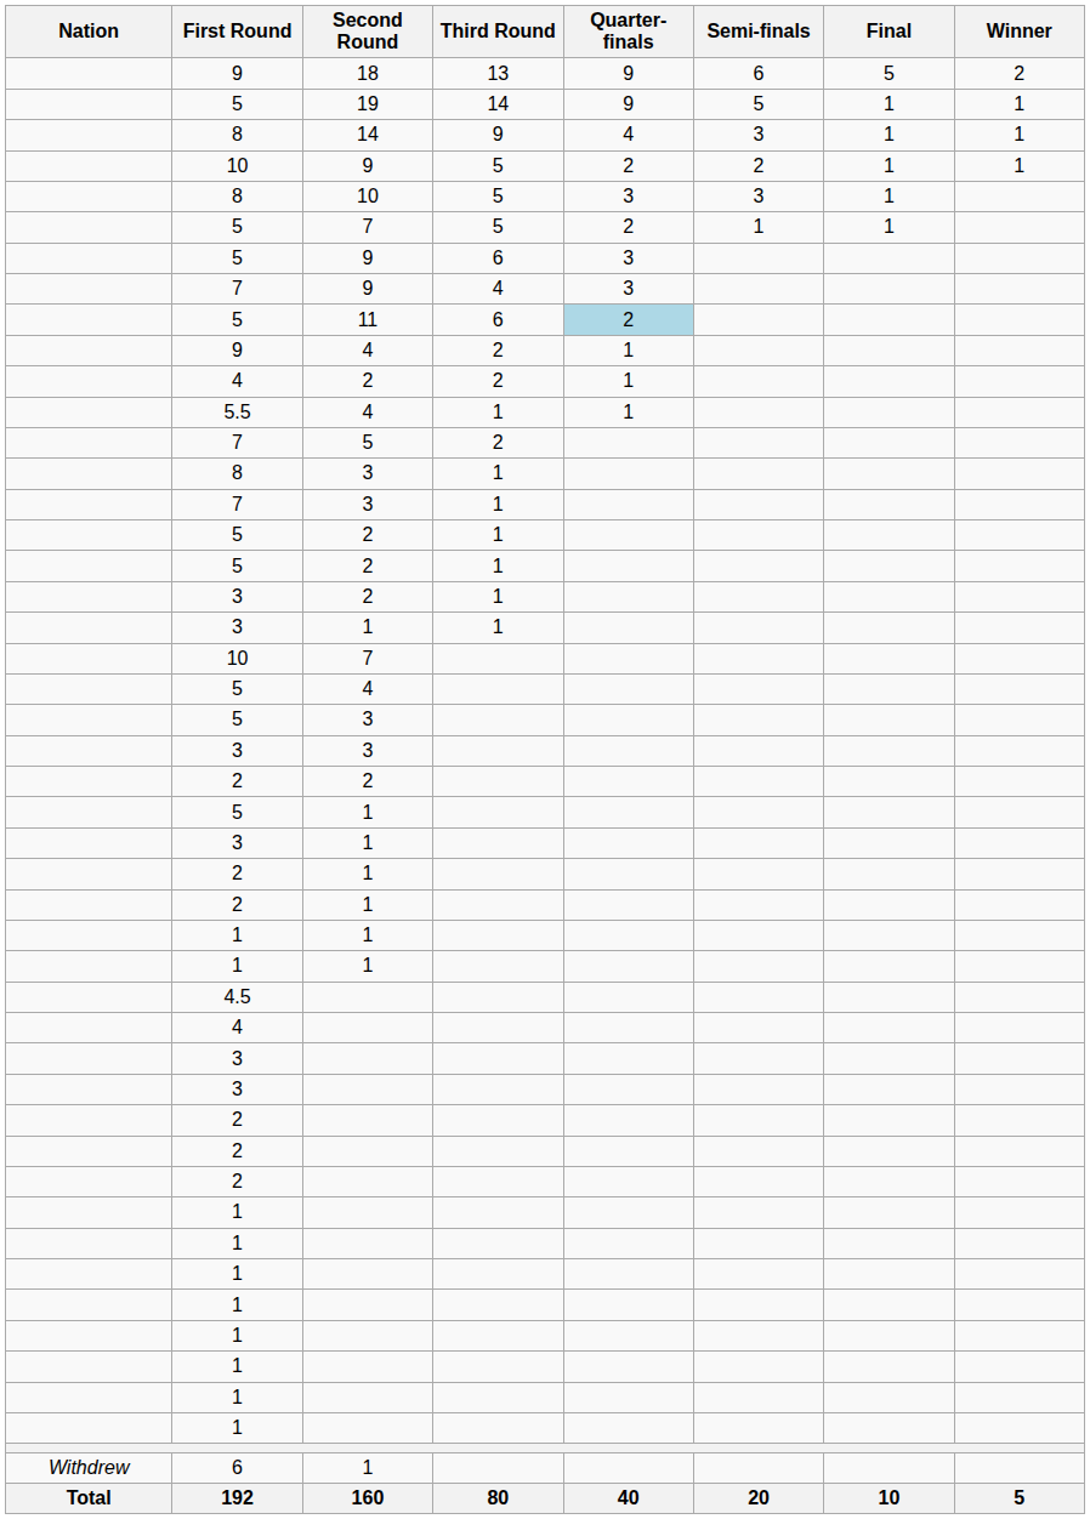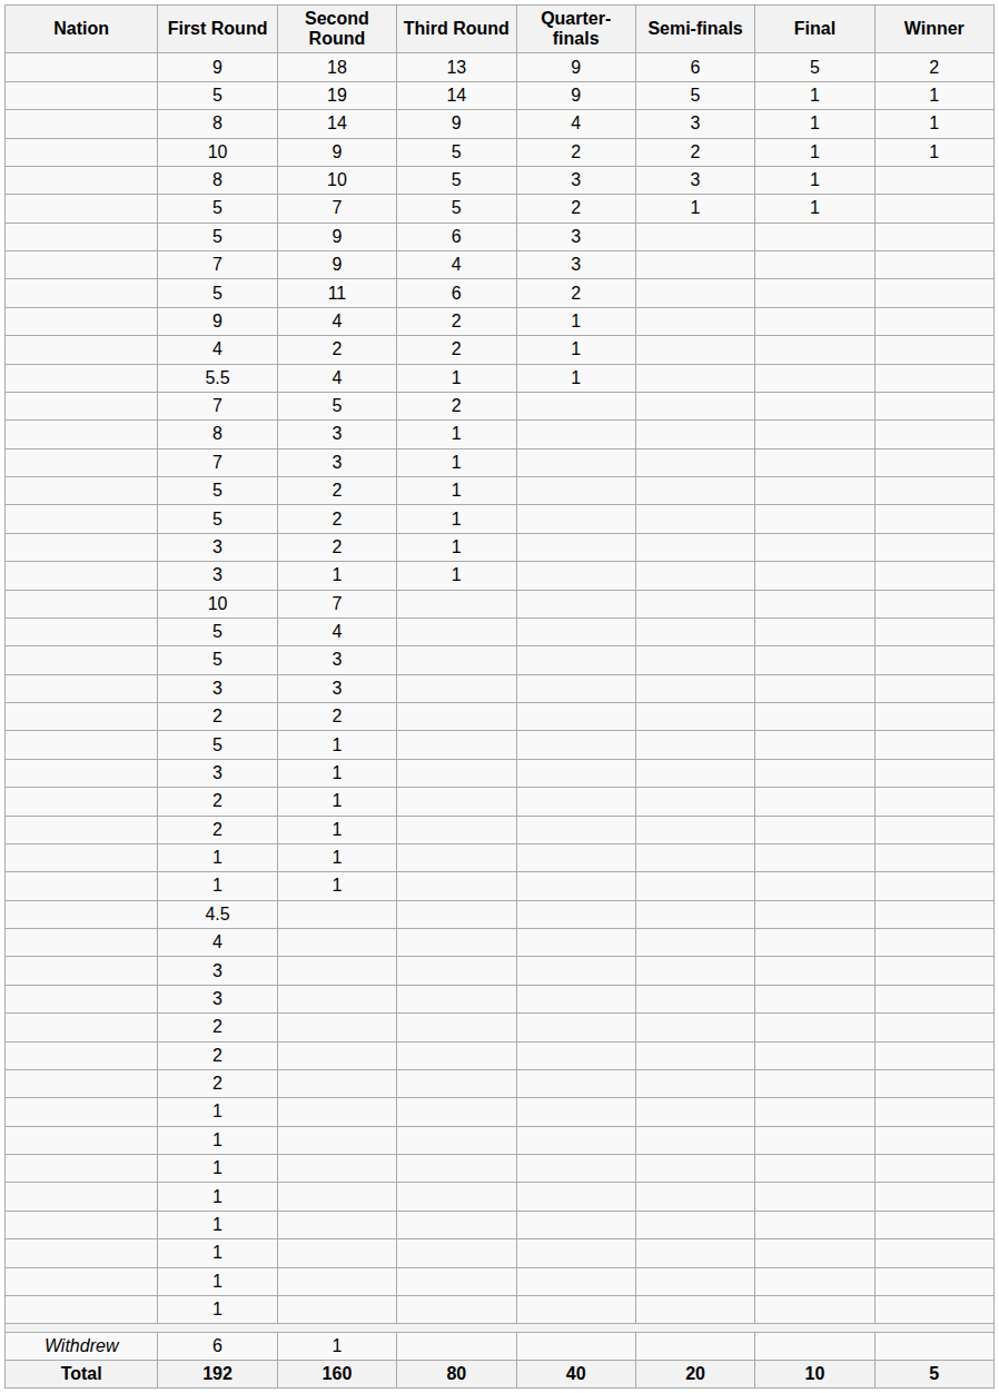 <table class="sortable wikitable" style="text-align:center">
 <tr>
 <th width="130">Nation</th>
 <th width="100">First Round</th>
 <th width="100">Second Round</th>
 <th width="100">Third Round</th>
 <th width="100">Quarter-finals</th>
 <th width="100">Semi-finals</th>
 <th width="100">Final</th>
 <th width="100">Winner</th>
 </tr>
 <tr>
 <td align="left"></td>
 <td>9</td>
 <td>18</td>
 <td>13</td>
 <td>9</td>
 <td>6</td>
 <td>5</td>
 <td>2</td>
 </tr>
 <tr>
 <td align="left"></td>
 <td>5</td>
 <td>19</td>
 <td>14</td>
 <td>9</td>
 <td>5</td>
 <td>1</td>
 <td>1</td>
 </tr>
 <tr>
 <td align="left"></td>
 <td>8</td>
 <td>14</td>
 <td>9</td>
 <td>4</td>
 <td>3</td>
 <td>1</td>
 <td>1</td>
 </tr>
 <tr>
 <td align="left"></td>
 <td>10</td>
 <td>9</td>
 <td>5</td>
 <td>2</td>
 <td>2</td>
 <td>1</td>
 <td>1</td>
 </tr>
 <tr>
 <td align="left"></td>
 <td>8</td>
 <td>10</td>
 <td>5</td>
 <td>3</td>
 <td>3</td>
 <td>1</td>
 <td></td>
 </tr>
 <tr>
 <td align="left"></td>
 <td>5</td>
 <td>7</td>
 <td>5</td>
 <td>2</td>
 <td>1</td>
 <td>1</td>
 <td></td>
 </tr>
 <tr>
 <td align="left"></td>
 <td>5</td>
 <td>9</td>
 <td>6</td>
 <td>3</td>
 <td></td>
 <td></td>
 <td></td>
 </tr>
 <tr>
 <td align="left"></td>
 <td>7</td>
 <td>9</td>
 <td>4</td>
 <td>3</td>
 <td></td>
 <td></td>
 <td></td>
 </tr>
 <tr>
 <td align="left"></td>
 <td>5</td>
 <td>11</td>
 <td>6</td>
-<td style="background: lightblue;">2</td>
+<td>2</td>
 <td></td>
 <td></td>
 <td></td>
 </tr>
 <tr>
 <td align="left"></td>
 <td>9</td>
 <td>4</td>
 <td>2</td>
 <td>1</td>
 <td></td>
 <td></td>
 <td></td>
 </tr>
 <tr>
 <td align="left"></td>
 <td>4</td>
 <td>2</td>
 <td>2</td>
 <td>1</td>
 <td></td>
 <td></td>
 <td></td>
 </tr>
 <tr>
 <td align="left"></td>
 <td>5.5</td>
 <td>4</td>
 <td>1</td>
 <td>1</td>
 <td></td>
 <td></td>
 <td></td>
 </tr>
 <tr>
 <td align="left"></td>
 <td>7</td>
 <td>5</td>
 <td>2</td>
 <td></td>
 <td></td>
 <td></td>
 <td></td>
 </tr>
 <tr>
 <td align="left"></td>
 <td>8</td>
 <td>3</td>
 <td>1</td>
 <td></td>
 <td></td>
 <td></td>
 <td></td>
 </tr>
 <tr>
 <td align="left"></td>
 <td>7</td>
 <td>3</td>
 <td>1</td>
 <td></td>
 <td></td>
 <td></td>
 <td></td>
 </tr>
 <tr>
 <td align="left"></td>
 <td>5</td>
 <td>2</td>
 <td>1</td>
 <td></td>
 <td></td>
 <td></td>
 <td></td>
 </tr>
 <tr>
 <td align="left"></td>
 <td>5</td>
 <td>2</td>
 <td>1</td>
 <td></td>
 <td></td>
 <td></td>
 <td></td>
 </tr>
 <tr>
 <td align="left"></td>
 <td>3</td>
 <td>2</td>
 <td>1</td>
 <td></td>
 <td></td>
 <td></td>
 <td></td>
 </tr>
 <tr>
 <td align="left"></td>
 <td>3</td>
 <td>1</td>
 <td>1</td>
 <td></td>
 <td></td>
 <td></td>
 <td></td>
 </tr>
 <tr>
 <td align="left"></td>
 <td>10</td>
 <td>7</td>
 <td></td>
 <td></td>
 <td></td>
 <td></td>
 <td></td>
 </tr>
 <tr>
 <td align="left"></td>
 <td>5</td>
 <td>4</td>
 <td></td>
 <td></td>
 <td></td>
 <td></td>
 <td></td>
 </tr>
 <tr>
 <td align="left"></td>
 <td>5</td>
 <td>3</td>
 <td></td>
 <td></td>
 <td></td>
 <td></td>
 <td></td>
 </tr>
 <tr>
 <td align="left"></td>
 <td>3</td>
 <td>3</td>
 <td></td>
 <td></td>
 <td></td>
 <td></td>
 <td></td>
 </tr>
 <tr>
 <td align="left"></td>
 <td>2</td>
 <td>2</td>
 <td></td>
 <td></td>
 <td></td>
 <td></td>
 <td></td>
 </tr>
 <tr>
 <td align="left"></td>
 <td>5</td>
 <td>1</td>
 <td></td>
 <td></td>
 <td></td>
 <td></td>
 <td></td>
 </tr>
 <tr>
 <td align="left"></td>
 <td>3</td>
 <td>1</td>
 <td></td>
 <td></td>
 <td></td>
 <td></td>
 <td></td>
 </tr>
 <tr>
 <td align="left"></td>
 <td>2</td>
 <td>1</td>
 <td></td>
 <td></td>
 <td></td>
 <td></td>
 <td></td>
 </tr>
 <tr>
 <td align="left"></td>
 <td>2</td>
 <td>1</td>
 <td></td>
 <td></td>
 <td></td>
 <td></td>
 <td></td>
 </tr>
 <tr>
 <td align="left"></td>
 <td>1</td>
 <td>1</td>
 <td></td>
 <td></td>
 <td></td>
 <td></td>
 <td></td>
 </tr>
 <tr>
 <td align="left"></td>
 <td>1</td>
 <td>1</td>
 <td></td>
 <td></td>
 <td></td>
 <td></td>
 <td></td>
 </tr>
 <tr>
 <td align="left"></td>
 <td>4.5</td>
 <td></td>
 <td></td>
 <td></td>
 <td></td>
 <td></td>
 <td></td>
 </tr>
 <tr>
 <td align="left"></td>
 <td>4</td>
 <td></td>
 <td></td>
 <td></td>
 <td></td>
 <td></td>
 <td></td>
 </tr>
 <tr>
 <td align="left"></td>
 <td>3</td>
 <td></td>
 <td></td>
 <td></td>
 <td></td>
 <td></td>
 <td></td>
 </tr>
 <tr>
 <td align="left"></td>
 <td>3</td>
 <td></td>
 <td></td>
 <td></td>
 <td></td>
 <td></td>
 <td></td>
 </tr>
 <tr>
 <td align="left"></td>
 <td>2</td>
 <td></td>
 <td></td>
 <td></td>
 <td></td>
 <td></td>
 <td></td>
 </tr>
 <tr>
 <td align="left"></td>
 <td>2</td>
 <td></td>
 <td></td>
 <td></td>
 <td></td>
 <td></td>
 <td></td>
 </tr>
 <tr>
 <td align="left"></td>
 <td>2</td>
 <td></td>
 <td></td>
 <td></td>
 <td></td>
 <td></td>
 <td></td>
 </tr>
 <tr>
 <td align="left"></td>
 <td>1</td>
 <td></td>
 <td></td>
 <td></td>
 <td></td>
 <td></td>
 <td></td>
 </tr>
 <tr>
 <td align="left"></td>
 <td>1</td>
 <td></td>
 <td></td>
 <td></td>
 <td></td>
 <td></td>
 <td></td>
 </tr>
 <tr>
 <td align="left"></td>
 <td>1</td>
 <td></td>
 <td></td>
 <td></td>
 <td></td>
 <td></td>
 <td></td>
 </tr>
 <tr>
 <td align="left"></td>
 <td>1</td>
 <td></td>
 <td></td>
 <td></td>
 <td></td>
 <td></td>
 <td></td>
 </tr>
 <tr>
 <td align="left"></td>
 <td>1</td>
 <td></td>
 <td></td>
 <td></td>
 <td></td>
 <td></td>
 <td></td>
 </tr>
 <tr>
 <td align="left"></td>
 <td>1</td>
 <td></td>
 <td></td>
 <td></td>
 <td></td>
 <td></td>
 <td></td>
 </tr>
 <tr>
 <td align="left"></td>
 <td>1</td>
 <td></td>
 <td></td>
 <td></td>
 <td></td>
 <td></td>
 <td></td>
 </tr>
 <tr>
 <td align="left"></td>
 <td>1</td>
 <td></td>
 <td></td>
 <td></td>
 <td></td>
 <td></td>
 <td></td>
 </tr>
 <tr>
 <th colspan="8"></th>
 </tr>
 <tr>
 <td><em>Withdrew</em></td>
 <td>6</td>
 <td>1</td>
 <td></td>
 <td></td>
 <td></td>
 <td></td>
 <td></td>
 </tr>
 <tr>
 <th>Total</th>
 <th>192</th>
 <th>160</th>
 <th>80</th>
 <th>40</th>
 <th>20</th>
 <th>10</th>
 <th>5</th>
 </tr>
 </table>
